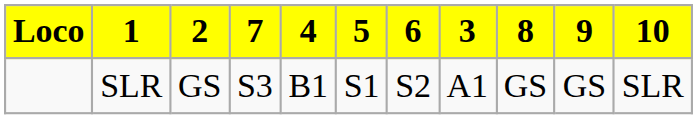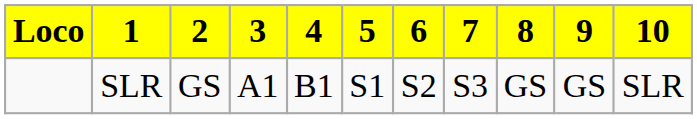 <table class="wikitable plainrowheaders unsortable" style="text-align:center">
 <tr>
 <th scope="col" style="background:yellow;">Loco</th>
 <th scope="col" style="background:yellow;">1</th>
 <th scope="col" style="background:yellow;">2</th>
-<th scope="col" style="background:yellow;">7</th>
+<th scope="col" style="background:yellow;">3</th>
 <th scope="col" style="background:yellow;">4</th>
 <th scope="col" style="background:yellow;">5</th>
 <th scope="col" style="background:yellow;">6</th>
-<th scope="col" style="background:yellow;">3</th>
+<th scope="col" style="background:yellow;">7</th>
 <th scope="col" style="background:yellow;">8</th>
 <th scope="col" style="background:yellow;">9</th>
 <th scope="col" style="background:yellow;">10</th>
 </tr>
 <tr>
 <td></td>
 <td>SLR</td>
 <td>GS</td>
-<td>S3</td>
+<td>A1</td>
 <td>B1</td>
 <td>S1</td>
 <td>S2</td>
-<td>A1</td>
+<td>S3</td>
 <td>GS</td>
 <td>GS</td>
 <td>SLR</td>
 </tr>
 </table>
